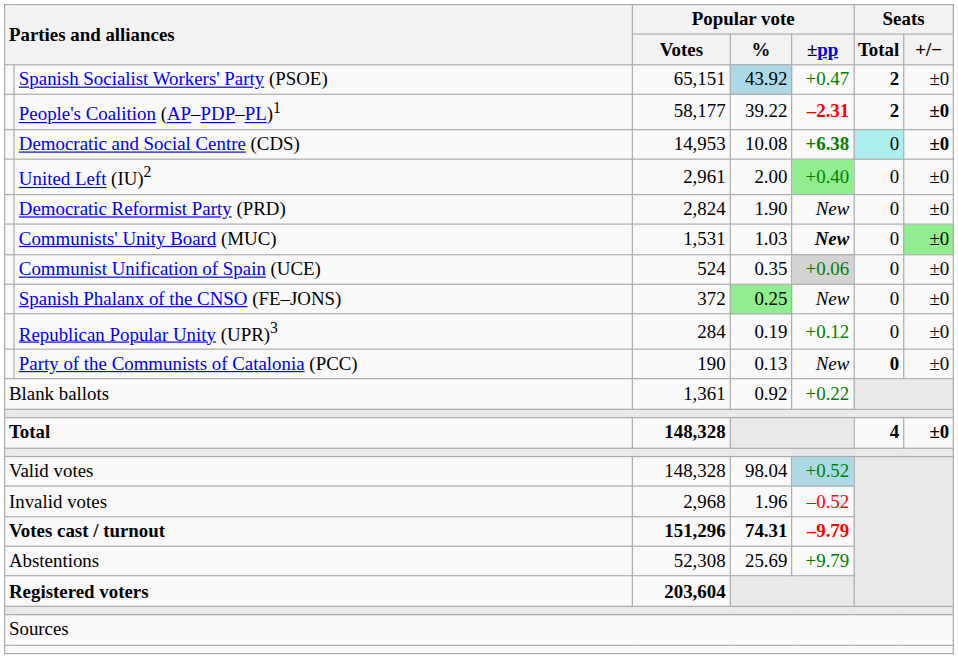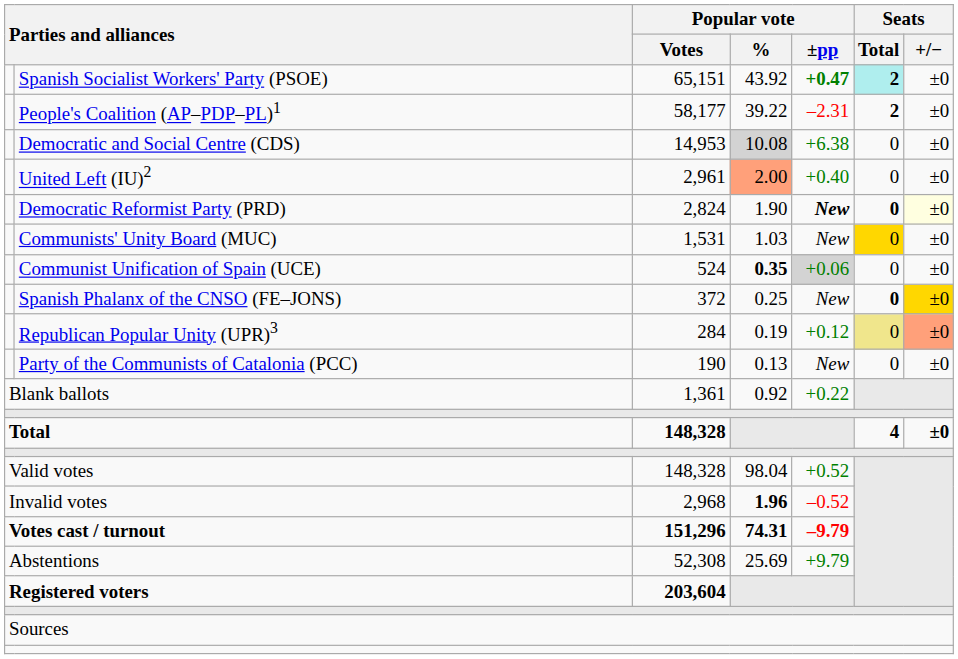 <table class="wikitable" style="text-align:right;">
 <tr>
 <th style="text-align:left;" rowspan="2" colspan="2" width="525">Parties and alliances</th>
 <th colspan="3">Popular vote</th>
 <th colspan="2">Seats</th>
 </tr>
 <tr>
 <th width="75">Votes</th>
 <th width="45">%</th>
 <th width="45">±<a href='#'>pp</a></th>
 <th width="35">Total</th>
 <th width="35">+/−</th>
 </tr>
 <tr>
 <td width="1" style="color:inherit;background:"></td>
 <td align="left"><a href='#'>Spanish Socialist Workers' Party</a> (PSOE)</td>
 <td>65,151</td>
-<td style="background: lightblue;">43.92</td>
-<td style="color:green;">+0.47</td>
-<td><strong>2</strong></td>
+<td>43.92</td>
+<td style="color:green;"><strong>+0.47</strong></td>
+<td style="background: paleturquoise;"><strong>2</strong></td>
 <td>±0</td>
 </tr>
 <tr>
 <td style="color:inherit;background:"></td>
 <td align="left"><a href='#'>People's Coalition</a> (<a href='#'>AP</a>–<a href='#'>PDP</a>–<a href='#'>PL</a>)<sup>1</sup></td>
 <td>58,177</td>
 <td>39.22</td>
-<td style="color:red;"><strong>–2.31</strong></td>
+<td style="color:red;">–2.31</td>
 <td><strong>2</strong></td>
-<td><strong>±0</strong></td>
+<td>±0</td>
 </tr>
 <tr>
 <td style="color:inherit;background:"></td>
 <td align="left"><a href='#'>Democratic and Social Centre</a> (CDS)</td>
 <td>14,953</td>
-<td>10.08</td>
-<td style="color:green;"><strong>+6.38</strong></td>
-<td style="background: paleturquoise;">0</td>
-<td><strong>±0</strong></td>
+<td style="background: lightgrey;">10.08</td>
+<td style="color:green;">+6.38</td>
+<td>0</td>
+<td>±0</td>
 </tr>
 <tr>
 <td style="color:inherit;background:"></td>
 <td align="left"><a href='#'>United Left</a> (IU)<sup>2</sup></td>
 <td>2,961</td>
-<td>2.00</td>
-<td style="background: lightgreen; color:green;">+0.40</td>
+<td style="background: lightsalmon;">2.00</td>
+<td style="color:green;">+0.40</td>
 <td>0</td>
 <td>±0</td>
 </tr>
 <tr>
 <td style="color:inherit;background:"></td>
 <td align="left"><a href='#'>Democratic Reformist Party</a> (PRD)</td>
 <td>2,824</td>
 <td>1.90</td>
-<td><em>New</em></td>
-<td>0</td>
-<td>±0</td>
+<td><strong><em>New</em></strong></td>
+<td><strong>0</strong></td>
+<td style="background: lightyellow;">±0</td>
 </tr>
 <tr>
 <td style="color:inherit;background:"></td>
 <td align="left"><a href='#'>Communists' Unity Board</a> (MUC)</td>
 <td>1,531</td>
 <td>1.03</td>
-<td><strong><em>New</em></strong></td>
-<td>0</td>
-<td style="background: lightgreen;">±0</td>
+<td><em>New</em></td>
+<td style="background: gold;">0</td>
+<td>±0</td>
 </tr>
 <tr>
 <td style="color:inherit;background:"></td>
 <td align="left"><a href='#'>Communist Unification of Spain</a> (UCE)</td>
 <td>524</td>
-<td>0.35</td>
+<td><strong>0.35</strong></td>
 <td style="background: lightgrey; color:green;">+0.06</td>
 <td>0</td>
 <td>±0</td>
 </tr>
 <tr>
 <td style="color:inherit;background:"></td>
 <td align="left"><a href='#'>Spanish Phalanx of the CNSO</a> (FE–JONS)</td>
 <td>372</td>
-<td style="background: lightgreen;">0.25</td>
+<td>0.25</td>
 <td><em>New</em></td>
-<td>0</td>
-<td>±0</td>
+<td><strong>0</strong></td>
+<td style="background: gold;">±0</td>
 </tr>
 <tr>
 <td style="color:inherit;background:"></td>
 <td align="left"><a href='#'>Republican Popular Unity</a> (UPR)<sup>3</sup></td>
 <td>284</td>
 <td>0.19</td>
 <td style="color:green;">+0.12</td>
-<td>0</td>
-<td>±0</td>
+<td style="background: khaki;">0</td>
+<td style="background: lightsalmon;">±0</td>
 </tr>
 <tr>
 <td style="color:inherit;background:"></td>
 <td align="left"><a href='#'>Party of the Communists of Catalonia</a> (PCC)</td>
 <td>190</td>
 <td>0.13</td>
 <td><em>New</em></td>
-<td><strong>0</strong></td>
+<td>0</td>
 <td>±0</td>
 </tr>
 <tr>
 <td align="left" colspan="2">Blank ballots</td>
 <td>1,361</td>
 <td>0.92</td>
 <td style="color:green;">+0.22</td>
 <td bgcolor="#E9E9E9" colspan="2"></td>
 </tr>
 <tr>
 <td colspan="7" bgcolor="#E9E9E9"></td>
 </tr>
 <tr style="font-weight:bold;">
 <td align="left" colspan="2">Total</td>
 <td>148,328</td>
 <td bgcolor="#E9E9E9" colspan="2"></td>
 <td>4</td>
 <td>±0</td>
 </tr>
 <tr>
 <td colspan="7" bgcolor="#E9E9E9"></td>
 </tr>
 <tr>
 <td align="left" colspan="2">Valid votes</td>
 <td>148,328</td>
 <td>98.04</td>
-<td style="background: lightblue; color:green;">+0.52</td>
+<td style="color:green;">+0.52</td>
 <td bgcolor="#E9E9E9" colspan="2" rowspan="5"></td>
 </tr>
 <tr>
 <td align="left" colspan="2">Invalid votes</td>
 <td>2,968</td>
-<td>1.96</td>
+<td><strong>1.96</strong></td>
 <td style="color:red;">–0.52</td>
 </tr>
 <tr style="font-weight:bold;">
 <td align="left" colspan="2">Votes cast / turnout</td>
 <td>151,296</td>
 <td>74.31</td>
 <td style="color:red;">–9.79</td>
 </tr>
 <tr>
 <td align="left" colspan="2">Abstentions</td>
 <td>52,308</td>
 <td>25.69</td>
 <td style="color:green;">+9.79</td>
 </tr>
 <tr style="font-weight:bold;">
 <td align="left" colspan="2">Registered voters</td>
 <td>203,604</td>
 <td bgcolor="#E9E9E9" colspan="2"></td>
 </tr>
 <tr>
 <td colspan="7" bgcolor="#E9E9E9"></td>
 </tr>
 <tr>
 <td align="left" colspan="7">Sources</td>
 </tr>
 <tr>
 <td colspan="7" style="text-align:left; max-width:790px;"></td>
 </tr>
 </table>
